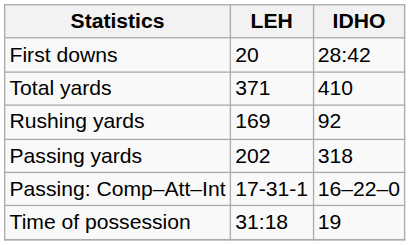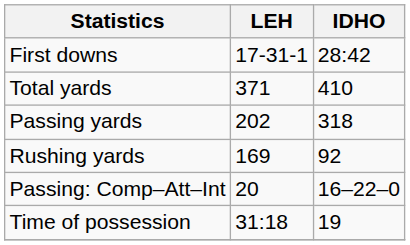 <table class="wikitable" style="float: left;">
 <tr>
 <th>Statistics</th>
 <th>LEH</th>
 <th>IDHO</th>
 </tr>
 <tr>
 <td>First downs</td>
-<td>20</td>
+<td>17-31-1</td>
 <td>28:42</td>
 </tr>
 <tr>
 <td>Total yards</td>
 <td>371</td>
 <td>410</td>
 </tr>
 <tr>
+<td>Passing yards</td>
+<td>202</td>
+<td>318</td>
+</tr>
+<tr>
 <td>Rushing yards</td>
 <td>169</td>
 <td>92</td>
 </tr>
 <tr>
-<td>Passing yards</td>
-<td>202</td>
-<td>318</td>
-</tr>
-<tr>
 <td>Passing: Comp–Att–Int</td>
-<td>17-31-1</td>
+<td>20</td>
 <td>16–22–0</td>
 </tr>
 <tr>
 <td>Time of possession</td>
 <td>31:18</td>
 <td>19</td>
 </tr>
 <tr>
 </tr>
 </table>
